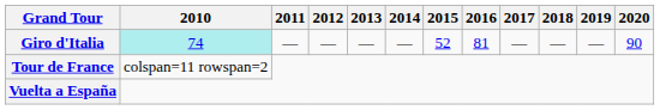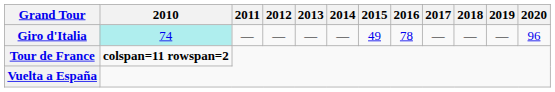 <table class="wikitable plainrowheaders">
 <tr>
 <th scope="col"><a href='#'>Grand Tour</a></th>
 <th scope="col">2010</th>
 <th scope="col">2011</th>
 <th scope="col">2012</th>
 <th scope="col">2013</th>
 <th scope="col">2014</th>
 <th scope="col">2015</th>
 <th scope="col">2016</th>
 <th scope="col">2017</th>
 <th scope="col">2018</th>
 <th scope="col">2019</th>
 <th scope="col">2020</th>
 </tr>
 <tr style="text-align:center;">
 <th scope="row"> <a href='#'>Giro d'Italia</a></th>
 <td style="background: paleturquoise;"><a href='#'>74</a></td>
 <td>—</td>
 <td>—</td>
 <td>—</td>
 <td>—</td>
-<td><a href='#'>52</a></td>
-<td><a href='#'>81</a></td>
+<td><a href='#'>49</a></td>
+<td><a href='#'>78</a></td>
 <td>—</td>
 <td>—</td>
 <td>—</td>
-<td><a href='#'>90</a></td>
+<td><a href='#'>96</a></td>
 </tr>
 <tr style="text-align:center;">
 <th scope="row"> <a href='#'>Tour de France</a></th>
-<td>colspan=11 rowspan=2 </td>
+<td><strong>colspan=11 rowspan=2 </strong></td>
 </tr>
 <tr style="text-align:center;">
 <th scope="row"> <a href='#'>Vuelta a España</a></th>
 </tr>
 </table>
